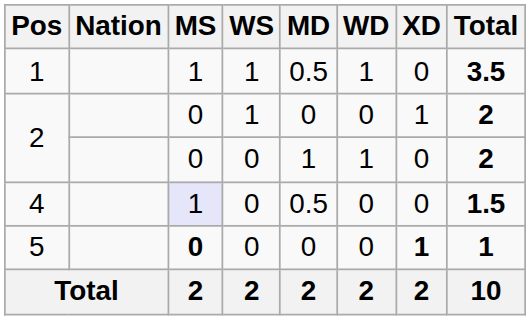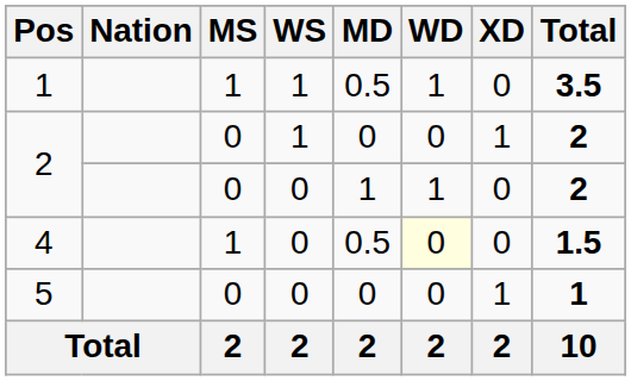 <table class="wikitable" style="text-align:center">
 <tr>
 <th>Pos</th>
 <th>Nation</th>
 <th>MS</th>
 <th>WS</th>
 <th>MD</th>
 <th>WD</th>
 <th>XD</th>
 <th>Total</th>
 </tr>
 <tr>
 <td>1</td>
 <td align=left></td>
 <td>1</td>
 <td>1</td>
 <td>0.5</td>
 <td>1</td>
 <td>0</td>
 <td><strong>3.5</strong></td>
 </tr>
 <tr>
 <td rowspan="2">2</td>
 <td align=left></td>
 <td>0</td>
 <td>1</td>
 <td>0</td>
 <td>0</td>
 <td>1</td>
 <td><strong>2</strong></td>
 </tr>
 <tr>
 <td align=left></td>
 <td>0</td>
 <td>0</td>
 <td>1</td>
 <td>1</td>
 <td>0</td>
 <td><strong>2</strong></td>
 </tr>
 <tr>
 <td>4</td>
 <td align=left></td>
-<td style="background: lavender;">1</td>
+<td>1</td>
 <td>0</td>
 <td>0.5</td>
-<td>0</td>
+<td style="background: lightyellow;">0</td>
 <td>0</td>
 <td><strong>1.5</strong></td>
 </tr>
 <tr>
 <td>5</td>
 <td align=left></td>
-<td><strong>0</strong></td>
 <td>0</td>
 <td>0</td>
 <td>0</td>
-<td><strong>1</strong></td>
+<td>0</td>
+<td>1</td>
 <td><strong>1</strong></td>
 </tr>
 <tr>
 <th colspan="2">Total</th>
 <th>2</th>
 <th>2</th>
 <th>2</th>
 <th>2</th>
 <th>2</th>
 <th>10</th>
 </tr>
 </table>
